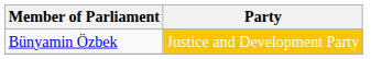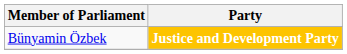 <table class="wikitable">
 <tr>
 <th>Member of Parliament</th>
 <th>Party</th>
 </tr>
 <tr>
 <td><a href='#'>Bünyamin Özbek</a></td>
-<td style="background:#FDC400; color:white">Justice and Development Party</td>
+<td style="background:#FDC400; color:white"><strong>Justice and Development Party</strong></td>
 </tr>
 <tr>
 </tr>
 </table>
